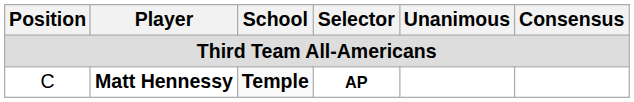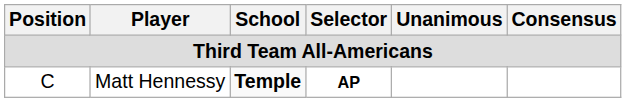 <table class="wikitable">
 <tr>
 <th>Position</th>
 <th>Player</th>
 <th>School</th>
 <th>Selector</th>
 <th>Unanimous</th>
 <th>Consensus</th>
 </tr>
 <tr>
 <td colspan="6" style="text-align:center; background:#ddd;"><strong>Third Team All-Americans</strong></td>
 </tr>
 <tr style="text-align:center;">
 <td style="background:white">C</td>
-<td style="background:white"><strong>Matt Hennessy</strong></td>
+<td style="background:white">Matt Hennessy</td>
 <td style=><strong>Temple</strong></td>
 <td style="background:white"><small><strong>AP</strong></small></td>
 <td style="background:white"></td>
 <td style="background:white"></td>
 </tr>
 </table>
